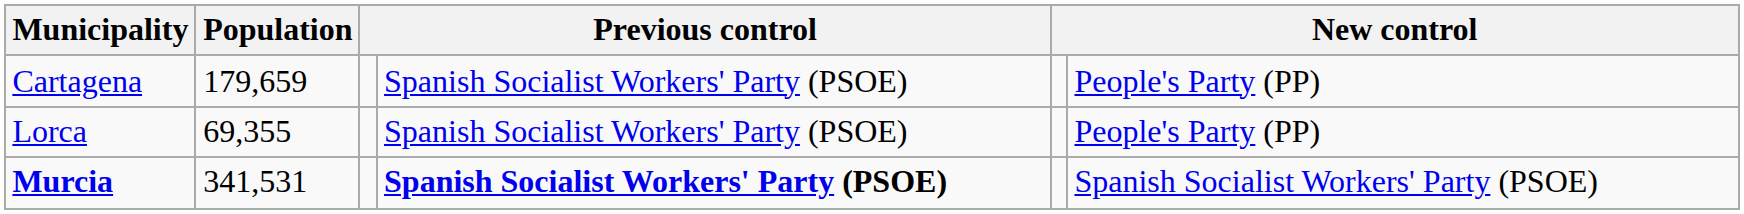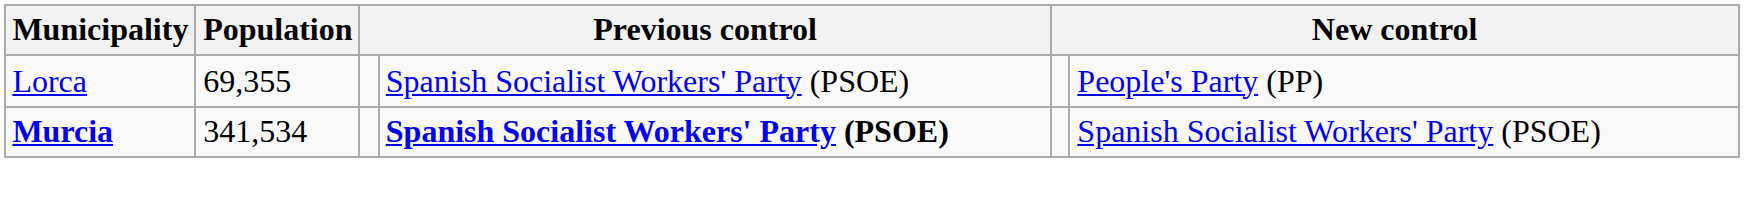 <table class="wikitable sortable">
 <tr>
 <th>Municipality</th>
 <th>Population</th>
 <th colspan="2" style="width:375px;">Previous control</th>
 <th colspan="2" style="width:375px;">New control</th>
-</tr>
-<tr>
-<td><a href='#'>Cartagena</a></td>
-<td>179,659</td>
-<td width="1" style="color:inherit;background:"></td>
-<td><a href='#'>Spanish Socialist Workers' Party</a> (PSOE)</td>
-<td width="1" style="color:inherit;background:"></td>
-<td><a href='#'>People's Party</a> (PP)</td>
 </tr>
 <tr>
 <td><a href='#'>Lorca</a></td>
 <td>69,355</td>
 <td style="color:inherit;background:"></td>
 <td><a href='#'>Spanish Socialist Workers' Party</a> (PSOE)</td>
 <td style="color:inherit;background:"></td>
 <td><a href='#'>People's Party</a> (PP)</td>
 </tr>
 <tr>
 <td><strong><a href='#'>Murcia</a></strong></td>
-<td>341,531</td>
+<td>341,534</td>
 <td style="color:inherit;background:"></td>
 <td><strong><a href='#'>Spanish Socialist Workers' Party</a> (PSOE)</strong></td>
 <td style="color:inherit;background:"></td>
 <td><a href='#'>Spanish Socialist Workers' Party</a> (PSOE)</td>
 </tr>
 </table>
